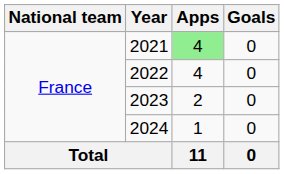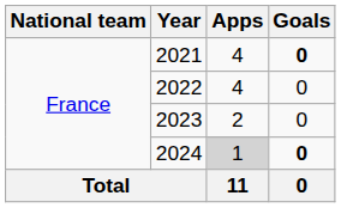 <table class="wikitable" style="text-align:center">
 <tr>
 <th>National team</th>
 <th>Year</th>
 <th>Apps</th>
 <th>Goals</th>
 </tr>
 <tr>
 <td rowspan="4"><a href='#'>France</a></td>
 <td>2021</td>
-<td style="background: lightgreen;">4</td>
-<td>0</td>
+<td>4</td>
+<td><strong>0</strong></td>
 </tr>
 <tr>
 <td>2022</td>
 <td>4</td>
 <td>0</td>
 </tr>
 <tr>
 <td>2023</td>
 <td>2</td>
 <td>0</td>
 </tr>
 <tr>
 <td>2024</td>
-<td>1</td>
-<td>0</td>
+<td style="background: lightgrey;">1</td>
+<td><strong>0</strong></td>
 </tr>
 <tr>
 <th colspan=2>Total</th>
 <th>11</th>
 <th>0</th>
 </tr>
 </table>
